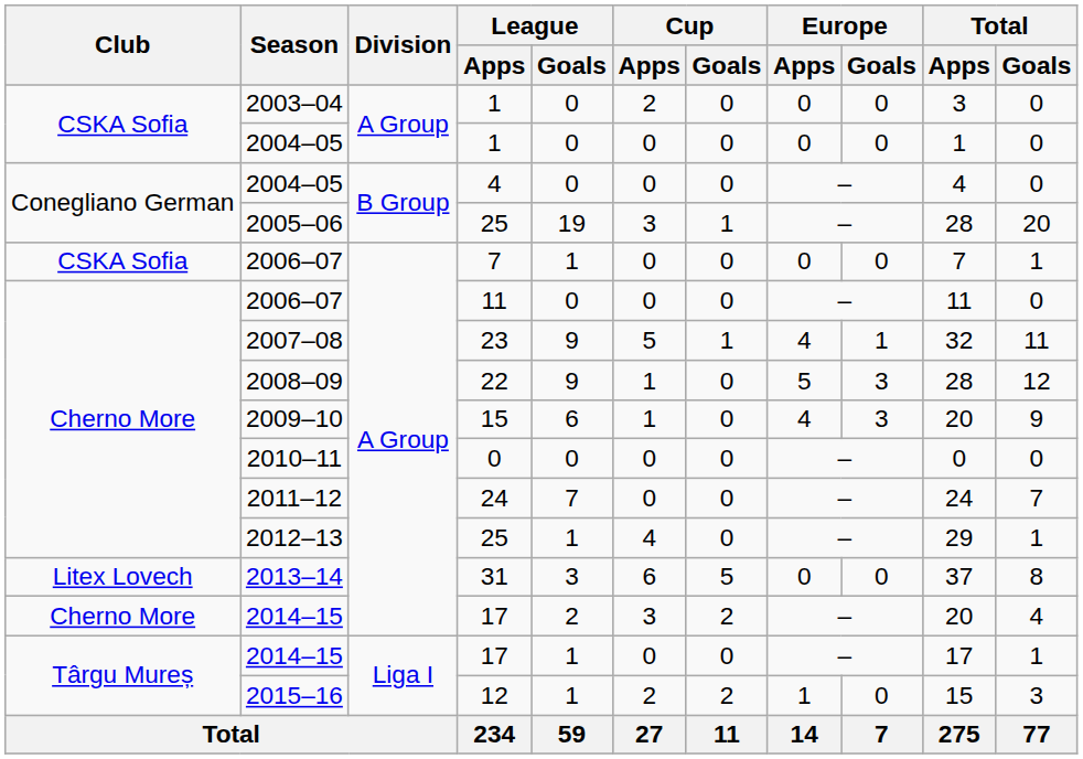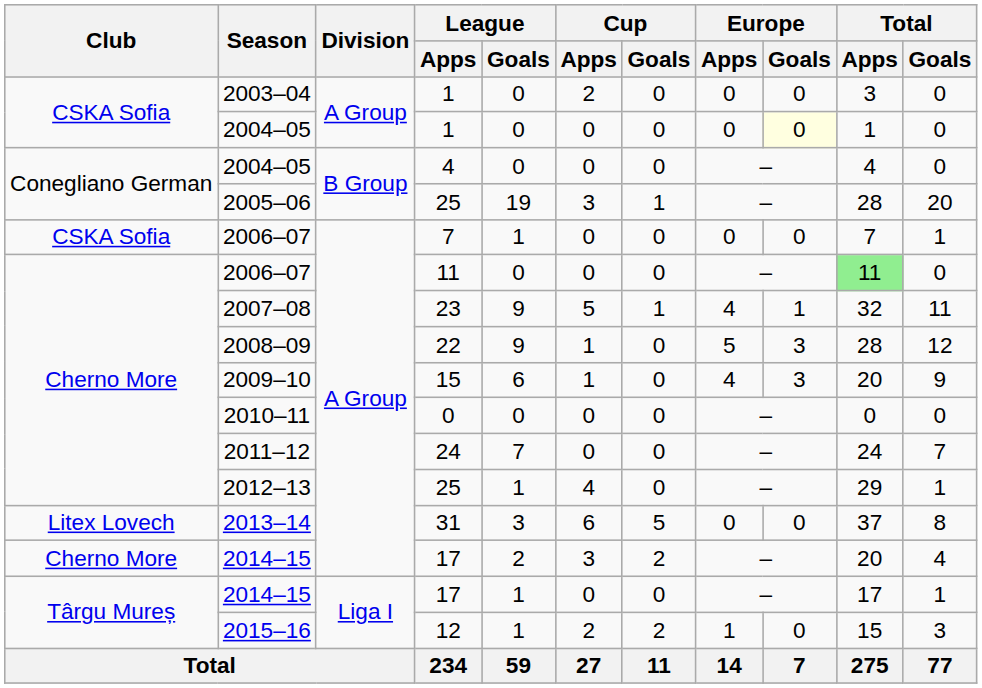 <table class="wikitable" style="font-size:90%; text-align: center;">
 <tr>
 <th rowspan="2">Club</th>
 <th rowspan="2">Season</th>
 <th rowspan="2">Division</th>
 <th colspan="2">League</th>
 <th colspan="2">Cup</th>
 <th colspan="2">Europe</th>
 <th colspan="2">Total</th>
 </tr>
 <tr>
 <th>Apps</th>
 <th>Goals</th>
 <th>Apps</th>
 <th>Goals</th>
 <th>Apps</th>
 <th>Goals</th>
 <th>Apps</th>
 <th>Goals</th>
 </tr>
 <tr>
 <td rowspan="2" valign="center"><a href='#'>CSKA Sofia</a></td>
 <td>2003–04</td>
 <td rowspan=2><a href='#'>A Group</a></td>
 <td>1</td>
 <td>0</td>
 <td>2</td>
 <td>0</td>
 <td>0</td>
 <td>0</td>
 <td>3</td>
 <td>0</td>
 </tr>
 <tr>
 <td>2004–05</td>
 <td>1</td>
 <td>0</td>
 <td>0</td>
 <td>0</td>
 <td>0</td>
-<td>0</td>
+<td style="background: lightyellow;">0</td>
 <td>1</td>
 <td>0</td>
 </tr>
 <tr>
 <td rowspan="2" valign="center">Conegliano German</td>
 <td>2004–05</td>
 <td rowspan=2><a href='#'>B Group</a></td>
 <td>4</td>
 <td>0</td>
 <td>0</td>
 <td>0</td>
 <td colspan="2">–</td>
 <td>4</td>
 <td>0</td>
 </tr>
 <tr>
 <td>2005–06</td>
 <td>25</td>
 <td>19</td>
 <td>3</td>
 <td>1</td>
 <td colspan="2">–</td>
 <td>28</td>
 <td>20</td>
 </tr>
 <tr>
 <td rowspan="1" valign="center"><a href='#'>CSKA Sofia</a></td>
 <td>2006–07</td>
 <td rowspan=10><a href='#'>A Group</a></td>
 <td>7</td>
 <td>1</td>
 <td>0</td>
 <td>0</td>
 <td>0</td>
 <td>0</td>
 <td>7</td>
 <td>1</td>
 </tr>
 <tr>
 <td rowspan="7" valign="center"><a href='#'>Cherno More</a></td>
 <td>2006–07</td>
 <td>11</td>
 <td>0</td>
 <td>0</td>
 <td>0</td>
 <td colspan="2">–</td>
-<td>11</td>
+<td style="background: lightgreen;">11</td>
 <td>0</td>
 </tr>
 <tr>
 <td>2007–08</td>
 <td>23</td>
 <td>9</td>
 <td>5</td>
 <td>1</td>
 <td>4</td>
 <td>1</td>
 <td>32</td>
 <td>11</td>
 </tr>
 <tr>
 <td>2008–09</td>
 <td>22</td>
 <td>9</td>
 <td>1</td>
 <td>0</td>
 <td>5</td>
 <td>3</td>
 <td>28</td>
 <td>12</td>
 </tr>
 <tr>
 <td>2009–10</td>
 <td>15</td>
 <td>6</td>
 <td>1</td>
 <td>0</td>
 <td>4</td>
 <td>3</td>
 <td>20</td>
 <td>9</td>
 </tr>
 <tr>
 <td>2010–11</td>
 <td>0</td>
 <td>0</td>
 <td>0</td>
 <td>0</td>
 <td colspan="2">–</td>
 <td>0</td>
 <td>0</td>
 </tr>
 <tr>
 <td>2011–12</td>
 <td>24</td>
 <td>7</td>
 <td>0</td>
 <td>0</td>
 <td colspan="2">–</td>
 <td>24</td>
 <td>7</td>
 </tr>
 <tr>
 <td>2012–13</td>
 <td>25</td>
 <td>1</td>
 <td>4</td>
 <td>0</td>
 <td colspan="2">–</td>
 <td>29</td>
 <td>1</td>
 </tr>
 <tr>
 <td><a href='#'>Litex Lovech</a></td>
 <td><a href='#'>2013–14</a></td>
 <td>31</td>
 <td>3</td>
 <td>6</td>
 <td>5</td>
 <td>0</td>
 <td>0</td>
 <td>37</td>
 <td>8</td>
 </tr>
 <tr>
 <td><a href='#'>Cherno More</a></td>
 <td><a href='#'>2014–15</a></td>
 <td>17</td>
 <td>2</td>
 <td>3</td>
 <td>2</td>
 <td colspan="2">–</td>
 <td>20</td>
 <td>4</td>
 </tr>
 <tr>
 <td rowspan="2" valign="center"><a href='#'>Târgu Mureș</a></td>
 <td><a href='#'>2014–15</a></td>
 <td rowspan=2><a href='#'>Liga I</a></td>
 <td>17</td>
 <td>1</td>
 <td>0</td>
 <td>0</td>
 <td colspan="2">–</td>
 <td>17</td>
 <td>1</td>
 </tr>
 <tr>
 <td><a href='#'>2015–16</a></td>
 <td>12</td>
 <td>1</td>
 <td>2</td>
 <td>2</td>
 <td>1</td>
 <td>0</td>
 <td>15</td>
 <td>3</td>
 </tr>
 <tr>
 <th colspan=3>Total</th>
 <th>234</th>
 <th>59</th>
 <th>27</th>
 <th>11</th>
 <th>14</th>
 <th>7</th>
 <th>275</th>
 <th>77</th>
 </tr>
 </table>
